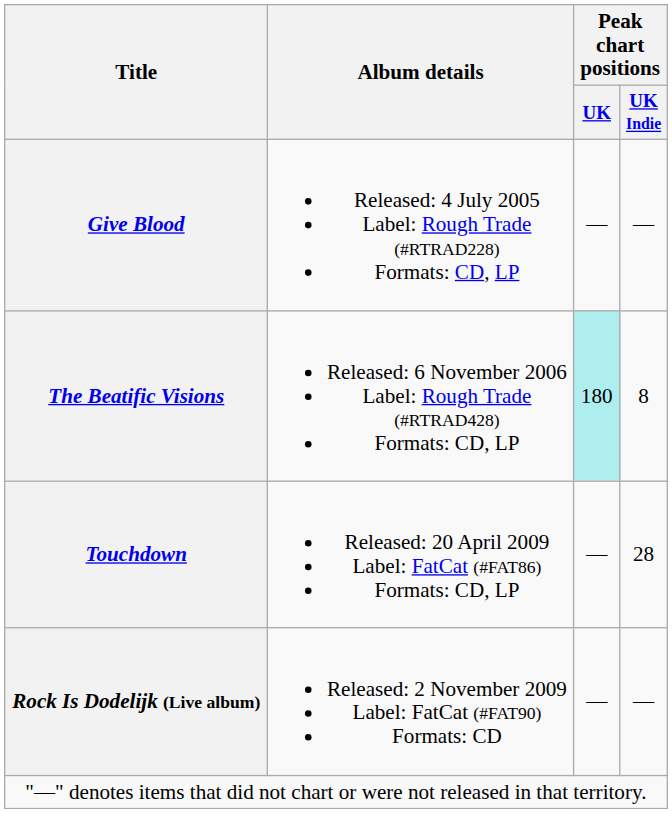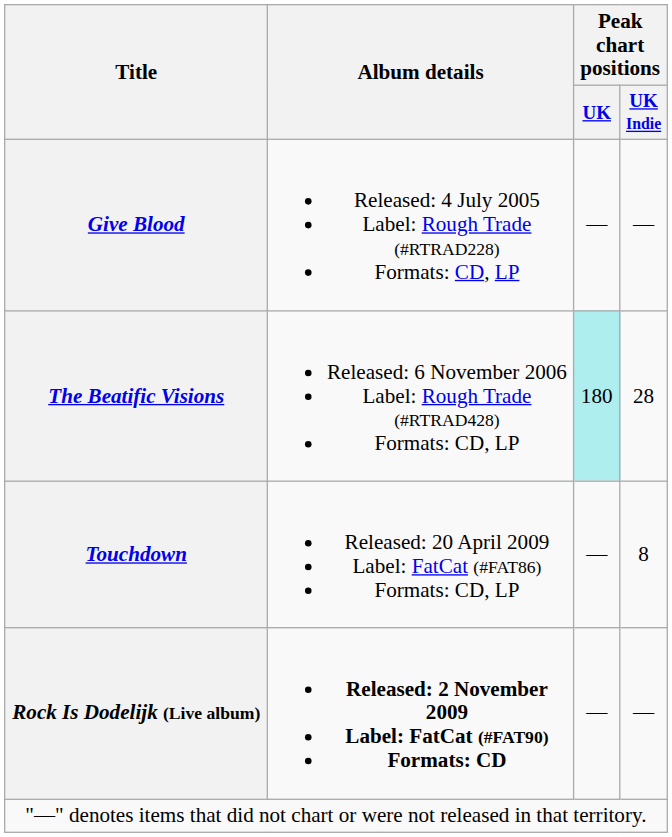 <table class="wikitable plainrowheaders" style="text-align:center;">
 <tr>
 <th scope="col" rowspan="2" style="width:12em;">Title</th>
 <th scope="col" rowspan="2" style="width:14em;">Album details</th>
 <th scope="col" colspan="2">Peak chart positions</th>
 </tr>
 <tr>
 <th style="width:2em;font-size:90%;"><a href='#'>UK</a><br></th>
 <th style="width:2em;font-size:90%;"><a href='#'>UK<br><small>Indie</small></a><br></th>
 </tr>
 <tr>
 <th scope="row"><em><a href='#'>Give Blood</a></em></th>
 <td><br><ul><li>Released: 4 July 2005</li><li>Label: <a href='#'>Rough Trade</a> <small>(#RTRAD228)</small></li><li>Formats: <a href='#'>CD</a>, <a href='#'>LP</a></li></ul></td>
 <td>—</td>
 <td>—</td>
 </tr>
 <tr>
 <th scope="row"><em><a href='#'>The Beatific Visions</a></em></th>
 <td><br><ul><li>Released: 6 November 2006</li><li>Label: <a href='#'>Rough Trade</a> <small>(#RTRAD428)</small></li><li>Formats: CD, LP</li></ul></td>
 <td style="background: paleturquoise;">180</td>
-<td>8</td>
+<td>28</td>
 </tr>
 <tr>
 <th scope="row"><em><a href='#'>Touchdown</a></em></th>
 <td><br><ul><li>Released: 20 April 2009</li><li>Label: <a href='#'>FatCat</a> <small>(#FAT86)</small></li><li>Formats: CD, LP</li></ul></td>
 <td>—</td>
-<td>28</td>
+<td>8</td>
 </tr>
 <tr>
 <th scope="row"><em>Rock Is Dodelijk</em> <small>(Live album)</small></th>
-<td><br><ul><li>Released: 2 November 2009</li><li>Label: FatCat <small>(#FAT90)</small></li><li>Formats: CD</li></ul></td>
+<td><strong><br><ul><li>Released: 2 November 2009</li><li>Label: FatCat <small>(#FAT90)</small></li><li>Formats: CD</li></ul></strong></td>
 <td>—</td>
 <td>—</td>
 </tr>
 <tr>
 <td style="text-align:center;" colspan="15" style="font-size:90%">"—" denotes items that did not chart or were not released in that territory.</td>
 </tr>
 </table>
